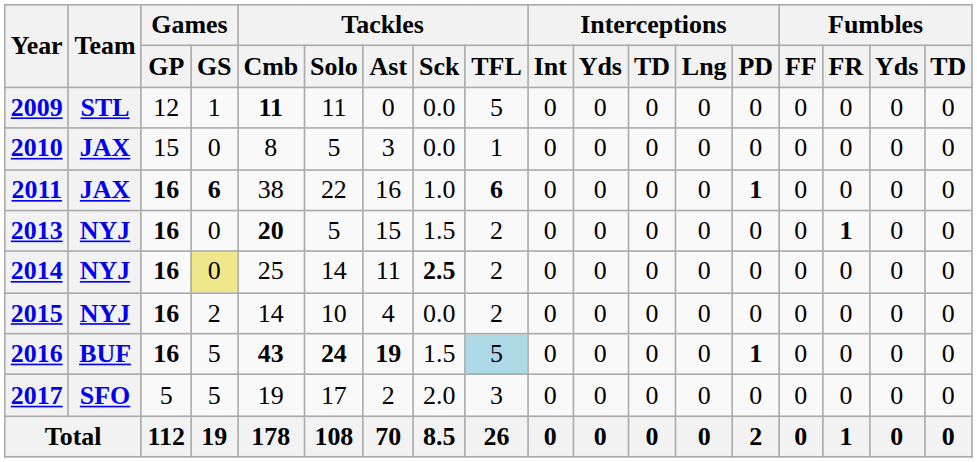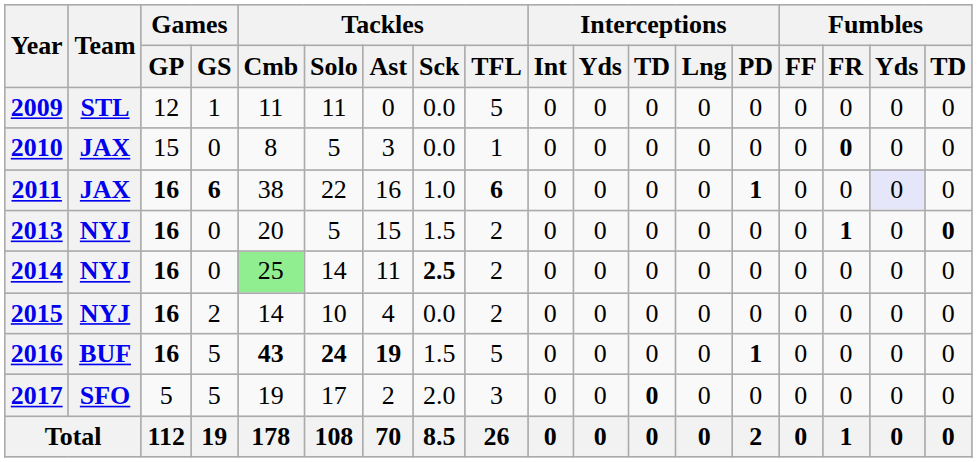 <table class="wikitable" style="text-align:center">
 <tr>
 <th rowspan="2">Year</th>
 <th rowspan="2">Team</th>
 <th colspan="2">Games</th>
 <th colspan="5">Tackles</th>
 <th colspan="5">Interceptions</th>
 <th colspan="4">Fumbles</th>
 </tr>
 <tr>
 <th>GP</th>
 <th>GS</th>
 <th>Cmb</th>
 <th>Solo</th>
 <th>Ast</th>
 <th>Sck</th>
 <th>TFL</th>
 <th>Int</th>
 <th>Yds</th>
 <th>TD</th>
 <th>Lng</th>
 <th>PD</th>
 <th>FF</th>
 <th>FR</th>
 <th>Yds</th>
 <th>TD</th>
 </tr>
 <tr>
 <th><a href='#'>2009</a></th>
 <th><a href='#'>STL</a></th>
 <td>12</td>
 <td>1</td>
-<td><strong>11</strong></td>
+<td>11</td>
 <td>11</td>
 <td>0</td>
 <td>0.0</td>
 <td>5</td>
 <td>0</td>
 <td>0</td>
 <td>0</td>
 <td>0</td>
 <td>0</td>
 <td>0</td>
 <td>0</td>
 <td>0</td>
 <td>0</td>
 </tr>
 <tr>
 <th><a href='#'>2010</a></th>
 <th><a href='#'>JAX</a></th>
 <td>15</td>
 <td>0</td>
 <td>8</td>
 <td>5</td>
 <td>3</td>
 <td>0.0</td>
 <td>1</td>
 <td>0</td>
 <td>0</td>
 <td>0</td>
 <td>0</td>
 <td>0</td>
 <td>0</td>
-<td>0</td>
+<td><strong>0</strong></td>
 <td>0</td>
 <td>0</td>
 </tr>
 <tr>
 <th><a href='#'>2011</a></th>
 <th><a href='#'>JAX</a></th>
 <td><strong>16</strong></td>
 <td><strong>6</strong></td>
 <td>38</td>
 <td>22</td>
 <td>16</td>
 <td>1.0</td>
 <td><strong>6</strong></td>
 <td>0</td>
 <td>0</td>
 <td>0</td>
 <td>0</td>
 <td><strong>1</strong></td>
 <td>0</td>
 <td>0</td>
-<td>0</td>
+<td style="background: lavender;">0</td>
 <td>0</td>
 </tr>
 <tr>
 <th><a href='#'>2013</a></th>
 <th><a href='#'>NYJ</a></th>
 <td><strong>16</strong></td>
 <td>0</td>
-<td><strong>20</strong></td>
+<td>20</td>
 <td>5</td>
 <td>15</td>
 <td>1.5</td>
 <td>2</td>
 <td>0</td>
 <td>0</td>
 <td>0</td>
 <td>0</td>
 <td>0</td>
 <td>0</td>
 <td><strong>1</strong></td>
 <td>0</td>
-<td>0</td>
+<td><strong>0</strong></td>
 </tr>
 <tr>
 <th><a href='#'>2014</a></th>
 <th><a href='#'>NYJ</a></th>
 <td><strong>16</strong></td>
-<td style="background: khaki;">0</td>
-<td>25</td>
+<td>0</td>
+<td style="background: lightgreen;">25</td>
 <td>14</td>
 <td>11</td>
 <td><strong>2.5</strong></td>
 <td>2</td>
 <td>0</td>
 <td>0</td>
 <td>0</td>
 <td>0</td>
 <td>0</td>
 <td>0</td>
 <td>0</td>
 <td>0</td>
 <td>0</td>
 </tr>
 <tr>
 <th><a href='#'>2015</a></th>
 <th><a href='#'>NYJ</a></th>
 <td><strong>16</strong></td>
 <td>2</td>
 <td>14</td>
 <td>10</td>
 <td>4</td>
 <td>0.0</td>
 <td>2</td>
 <td>0</td>
 <td>0</td>
 <td>0</td>
 <td>0</td>
 <td>0</td>
 <td>0</td>
 <td>0</td>
 <td>0</td>
 <td>0</td>
 </tr>
 <tr>
 <th><a href='#'>2016</a></th>
 <th><a href='#'>BUF</a></th>
 <td><strong>16</strong></td>
 <td>5</td>
 <td><strong>43</strong></td>
 <td><strong>24</strong></td>
 <td><strong>19</strong></td>
 <td>1.5</td>
-<td style="background: lightblue;">5</td>
+<td>5</td>
 <td>0</td>
 <td>0</td>
 <td>0</td>
 <td>0</td>
 <td><strong>1</strong></td>
 <td>0</td>
 <td>0</td>
 <td>0</td>
 <td>0</td>
 </tr>
 <tr>
 <th><a href='#'>2017</a></th>
 <th><a href='#'>SFO</a></th>
 <td>5</td>
 <td>5</td>
 <td>19</td>
 <td>17</td>
 <td>2</td>
 <td>2.0</td>
 <td>3</td>
 <td>0</td>
 <td>0</td>
-<td>0</td>
+<td><strong>0</strong></td>
 <td>0</td>
 <td>0</td>
 <td>0</td>
 <td>0</td>
 <td>0</td>
 <td>0</td>
 </tr>
 <tr>
 <th colspan="2">Total</th>
 <th>112</th>
 <th>19</th>
 <th>178</th>
 <th>108</th>
 <th>70</th>
 <th>8.5</th>
 <th>26</th>
 <th>0</th>
 <th>0</th>
 <th>0</th>
 <th>0</th>
 <th>2</th>
 <th>0</th>
 <th>1</th>
 <th>0</th>
 <th>0</th>
 </tr>
 </table>
